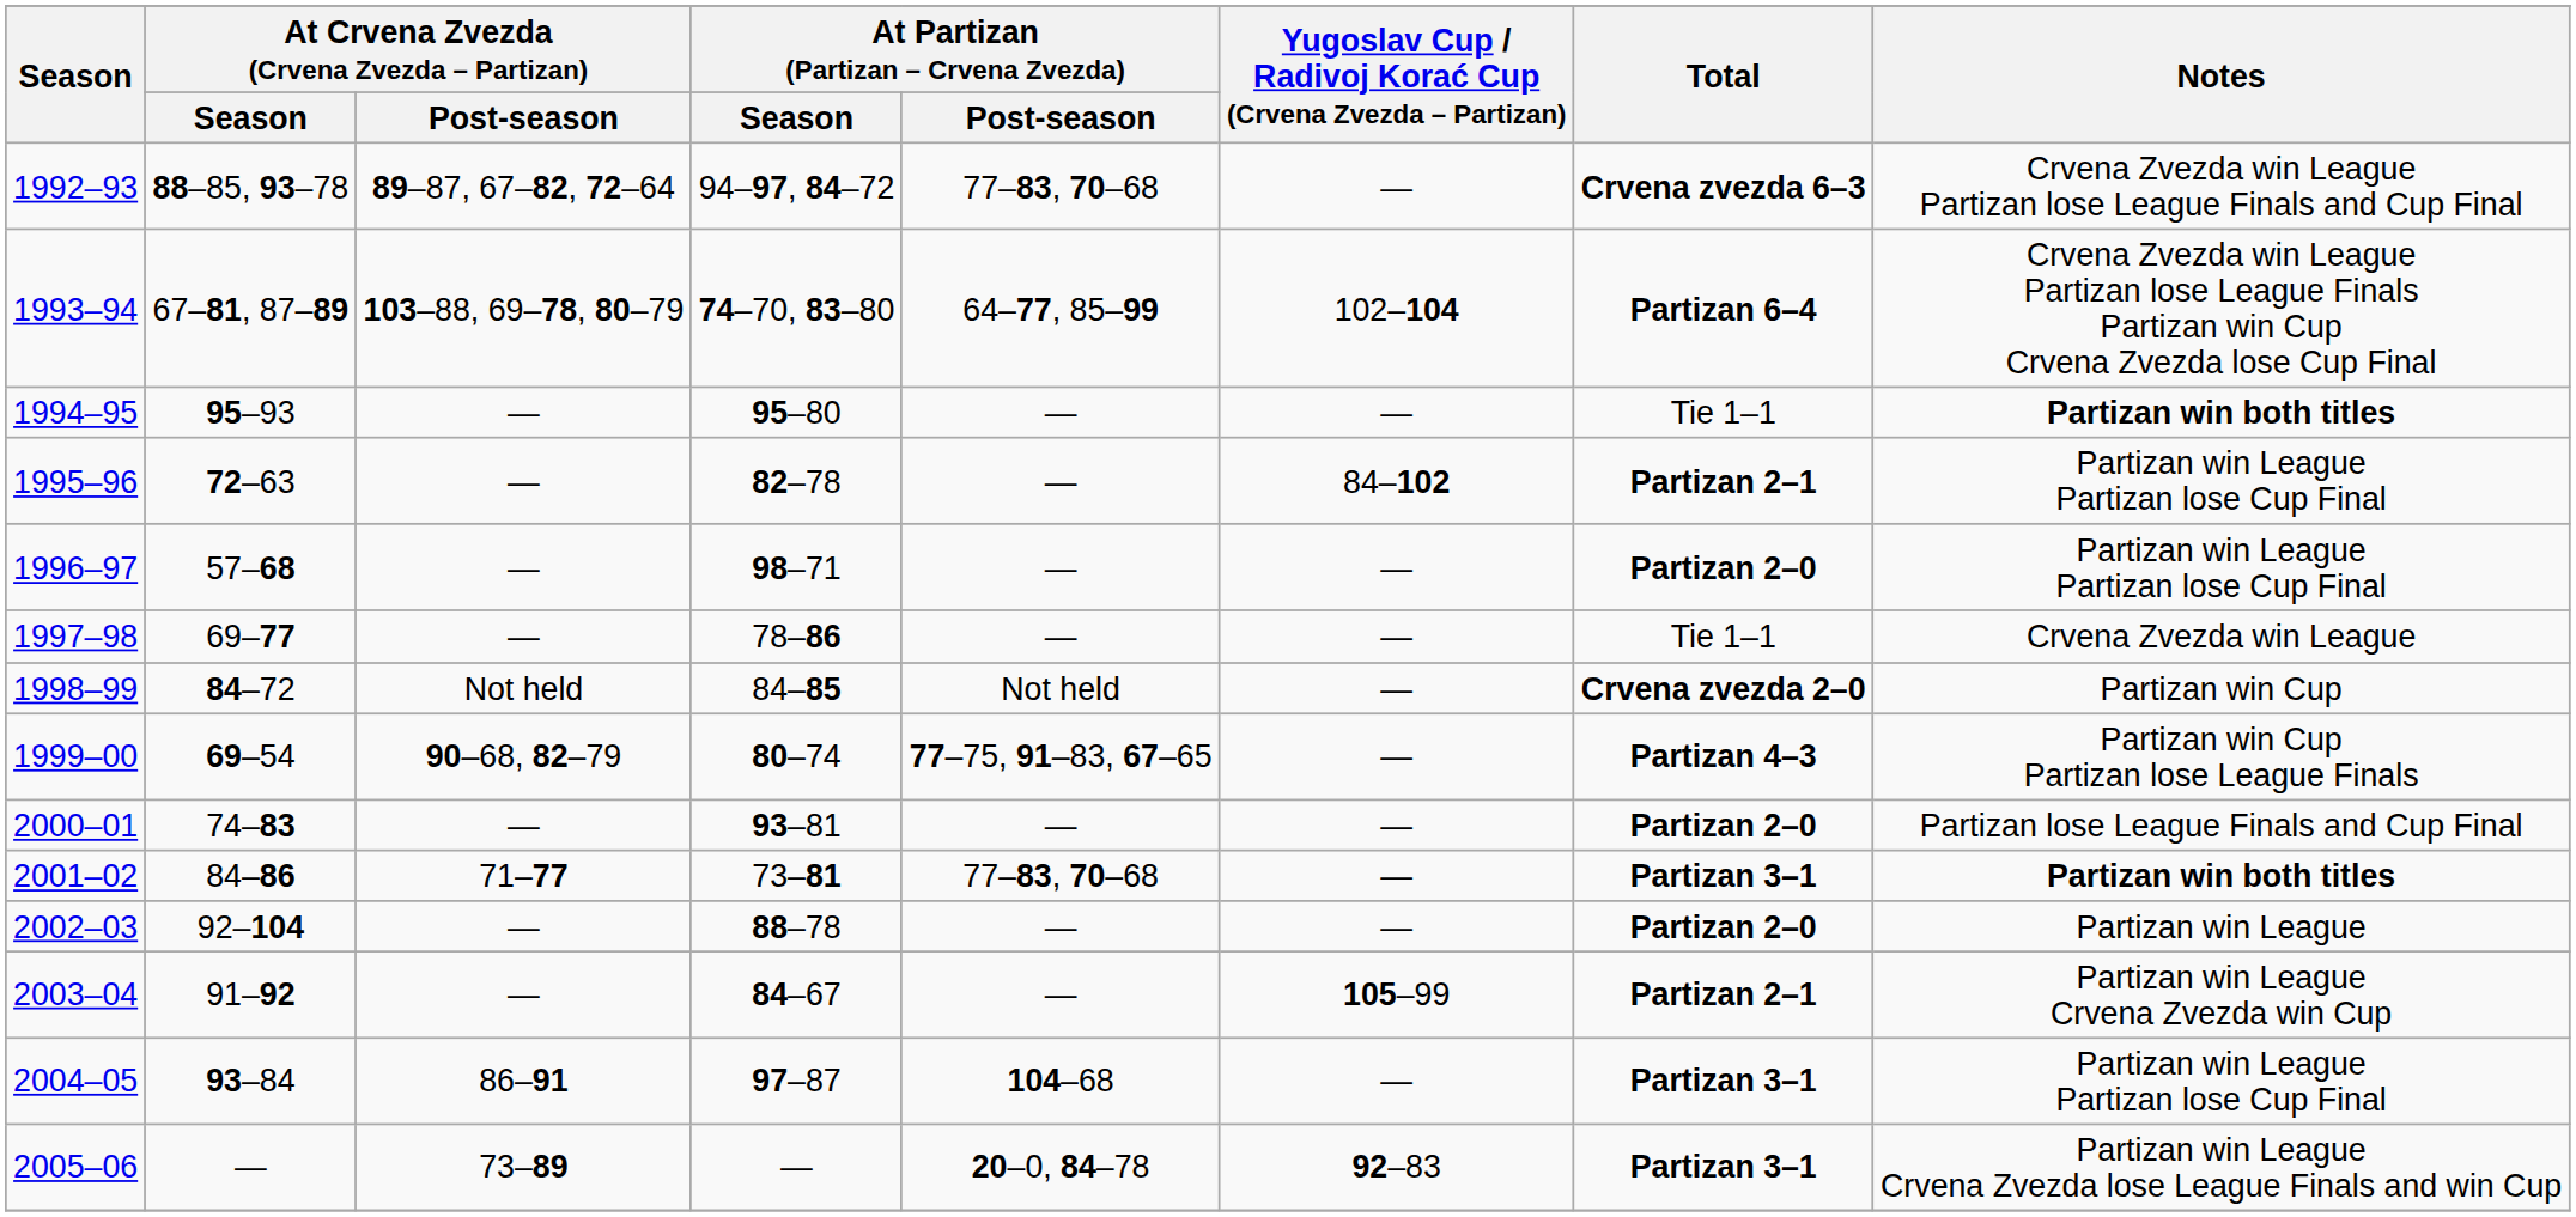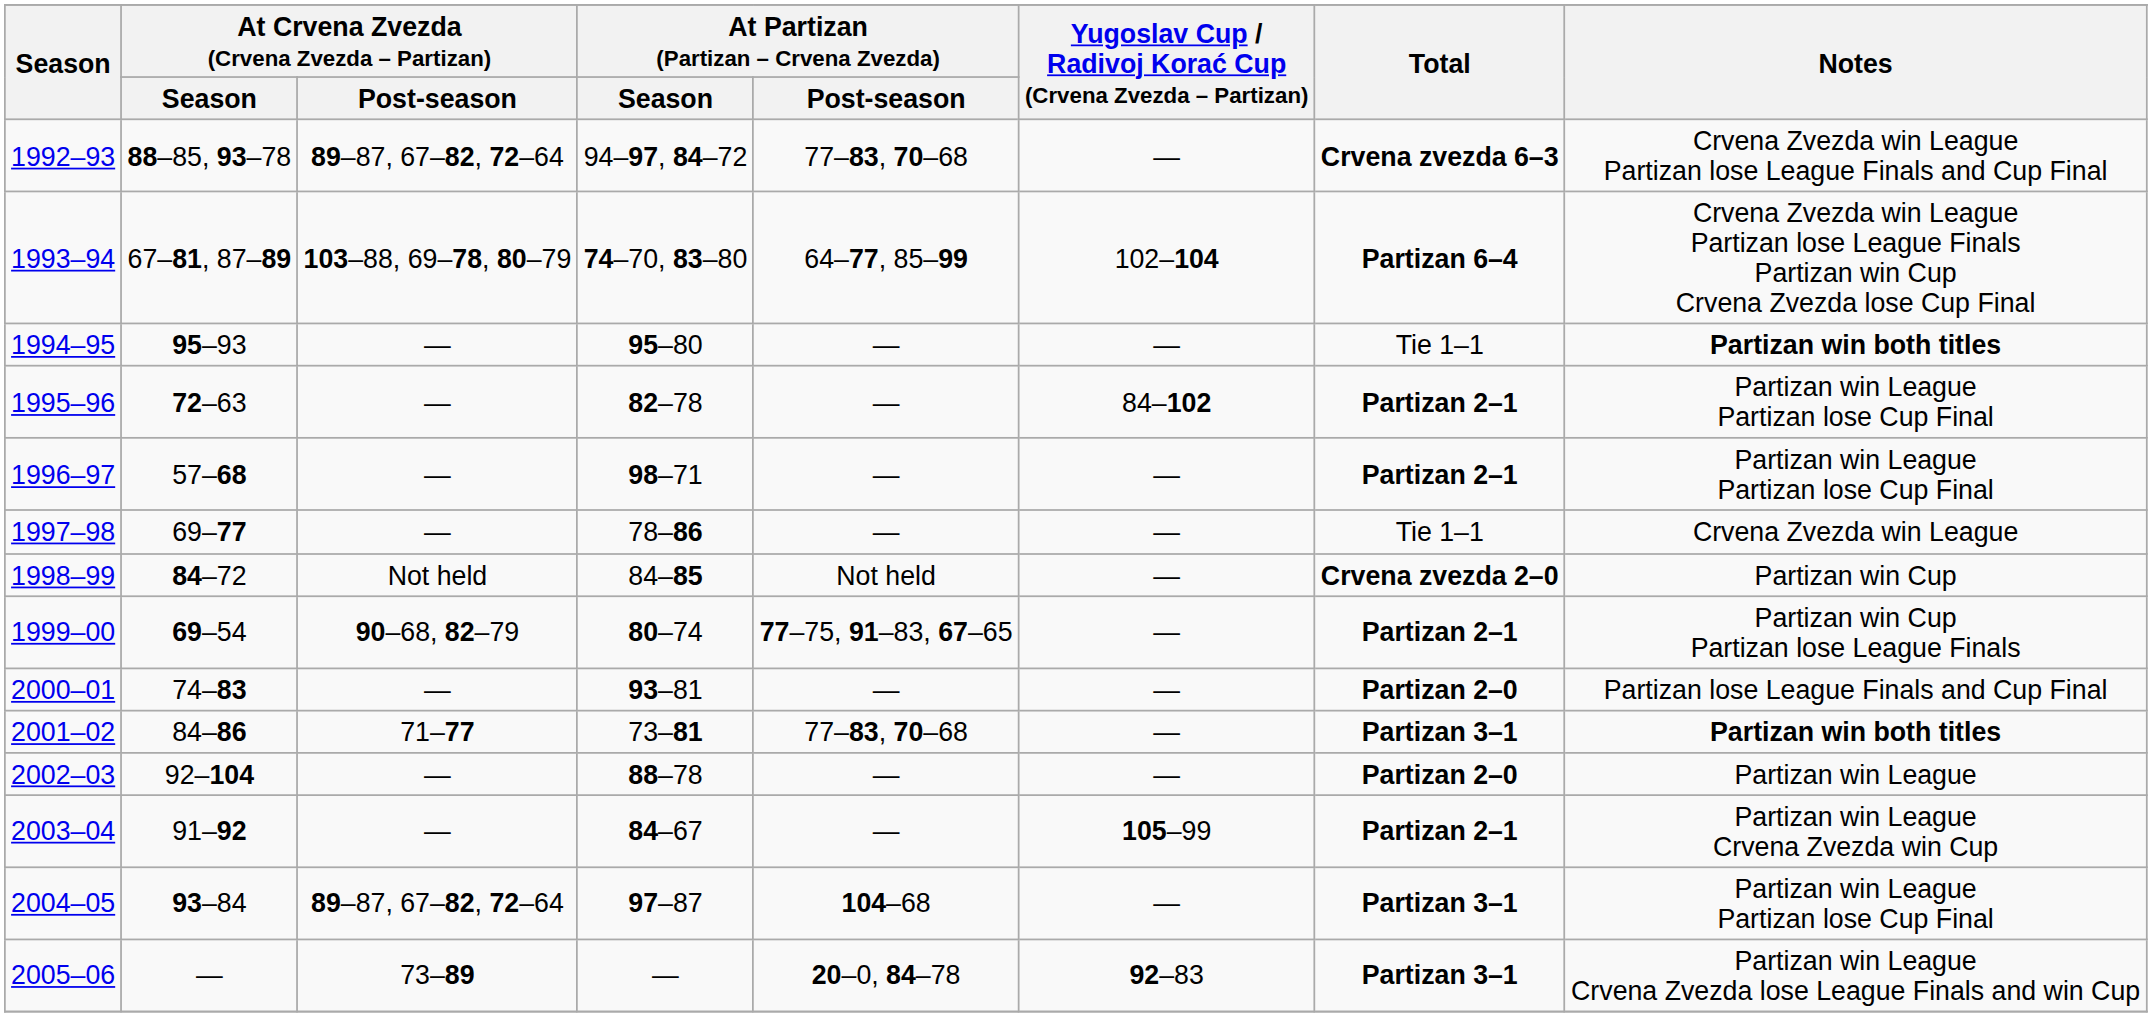 <table class="wikitable collapsible collapsed" style="text-align: center; font-size:95%">
 <tr>
 </tr>
 <tr>
 <th rowspan=2>Season</th>
 <th colspan=2>At Crvena Zvezda<br><small>(Crvena Zvezda – Partizan)</small></th>
 <th colspan=2>At Partizan<br><small>(Partizan – Crvena Zvezda)</small></th>
 <th rowspan=2><a href='#'>Yugoslav Cup</a> /<br> <a href='#'>Radivoj Korać Cup</a><br><small>(Crvena Zvezda – Partizan)</small></th>
 <th rowspan=2>Total</th>
 <th rowspan=2>Notes</th>
 </tr>
 <tr>
 <th>Season</th>
 <th>Post-season</th>
 <th>Season</th>
 <th>Post-season</th>
 </tr>
 <tr>
 <td><a href='#'>1992–93</a></td>
 <td><strong>88</strong>–85, <strong>93</strong>–78</td>
 <td><strong>89</strong>–87, 67–<strong>82</strong>, <strong>72</strong>–64</td>
 <td>94–<strong>97</strong>, <strong>84</strong>–72</td>
 <td>77–<strong>83</strong>, <strong>70</strong>–68</td>
 <td>—</td>
 <td><strong>Crvena zvezda 6–3</strong></td>
 <td>Crvena Zvezda win League<br>Partizan lose League Finals and Cup Final</td>
 </tr>
 <tr>
 <td><a href='#'>1993–94</a></td>
 <td>67–<strong>81</strong>, 87–<strong>89</strong></td>
 <td><strong>103</strong>–88, 69–<strong>78</strong>, <strong>80</strong>–79</td>
 <td><strong>74</strong>–70, <strong>83</strong>–80</td>
 <td>64–<strong>77</strong>, 85–<strong>99</strong></td>
 <td>102–<strong>104</strong></td>
 <td><strong>Partizan 6–4</strong></td>
 <td>Crvena Zvezda win League<br>Partizan lose League Finals<br>Partizan win Cup<br>Crvena Zvezda lose Cup Final</td>
 </tr>
 <tr>
 <td><a href='#'>1994–95</a></td>
 <td><strong>95</strong>–93</td>
 <td>—</td>
 <td><strong>95</strong>–80</td>
 <td>—</td>
 <td>—</td>
 <td>Tie 1–1</td>
 <td><strong>Partizan win both titles</strong></td>
 </tr>
 <tr>
 <td><a href='#'>1995–96</a></td>
 <td><strong>72</strong>–63</td>
 <td>—</td>
 <td><strong>82</strong>–78</td>
 <td>—</td>
 <td>84–<strong>102</strong></td>
 <td><strong>Partizan 2–1</strong></td>
 <td>Partizan win League<br>Partizan lose Cup Final</td>
 </tr>
 <tr>
 <td><a href='#'>1996–97</a></td>
 <td>57–<strong>68</strong></td>
 <td>—</td>
 <td><strong>98</strong>–71</td>
 <td>—</td>
 <td>—</td>
-<td><strong>Partizan 2–0</strong></td>
+<td><strong>Partizan 2–1</strong></td>
 <td>Partizan win League<br>Partizan lose Cup Final</td>
 </tr>
 <tr>
 <td><a href='#'>1997–98</a></td>
 <td>69–<strong>77</strong></td>
 <td>—</td>
 <td>78–<strong>86</strong></td>
 <td>—</td>
 <td>—</td>
 <td>Tie 1–1</td>
 <td>Crvena Zvezda win League</td>
 </tr>
 <tr>
 <td><a href='#'>1998–99</a></td>
 <td><strong>84</strong>–72</td>
 <td>Not held</td>
 <td>84–<strong>85</strong></td>
 <td>Not held</td>
 <td>—</td>
 <td><strong>Crvena zvezda 2–0</strong></td>
 <td>Partizan win Cup</td>
 </tr>
 <tr>
 <td><a href='#'>1999–00</a></td>
 <td><strong>69</strong>–54</td>
 <td><strong>90</strong>–68, <strong>82</strong>–79</td>
 <td><strong>80</strong>–74</td>
 <td><strong>77</strong>–75, <strong>91</strong>–83, <strong>67</strong>–65</td>
 <td>—</td>
-<td><strong>Partizan 4–3</strong></td>
+<td><strong>Partizan 2–1</strong></td>
 <td>Partizan win Cup<br>Partizan lose League Finals</td>
 </tr>
 <tr>
 <td><a href='#'>2000–01</a></td>
 <td>74–<strong>83</strong></td>
 <td>—</td>
 <td><strong>93</strong>–81</td>
 <td>—</td>
 <td>—</td>
 <td><strong>Partizan 2–0</strong></td>
 <td>Partizan lose League Finals and Cup Final</td>
 </tr>
 <tr>
 <td><a href='#'>2001–02</a></td>
 <td>84–<strong>86</strong></td>
 <td>71–<strong>77</strong></td>
 <td>73–<strong>81</strong></td>
 <td>77–<strong>83</strong>, <strong>70</strong>–68</td>
 <td>—</td>
 <td><strong>Partizan 3–1</strong></td>
 <td><strong>Partizan win both titles</strong></td>
 </tr>
 <tr>
 <td><a href='#'>2002–03</a></td>
 <td>92–<strong>104</strong></td>
 <td>—</td>
 <td><strong>88</strong>–78</td>
 <td>—</td>
 <td>—</td>
 <td><strong>Partizan 2–0</strong></td>
 <td>Partizan win League</td>
 </tr>
 <tr>
 <td><a href='#'>2003–04</a></td>
 <td>91–<strong>92</strong></td>
 <td>—</td>
 <td><strong>84</strong>–67</td>
 <td>—</td>
 <td><strong>105</strong>–99</td>
 <td><strong>Partizan 2–1</strong></td>
 <td>Partizan win League<br>Crvena Zvezda win Cup</td>
 </tr>
 <tr>
 <td><a href='#'>2004–05</a></td>
 <td><strong>93</strong>–84</td>
-<td>86–<strong>91</strong></td>
+<td><strong>89</strong>–87, 67–<strong>82</strong>, <strong>72</strong>–64</td>
 <td><strong>97</strong>–87</td>
 <td><strong>104</strong>–68</td>
 <td>—</td>
 <td><strong>Partizan 3–1</strong></td>
 <td>Partizan win League<br>Partizan lose Cup Final</td>
 </tr>
 <tr>
 <td><a href='#'>2005–06</a></td>
 <td>—</td>
 <td>73–<strong>89</strong></td>
 <td>—</td>
 <td><strong>20</strong>–0, <strong>84</strong>–78</td>
 <td><strong>92</strong>–83</td>
 <td><strong>Partizan 3–1</strong></td>
 <td>Partizan win League<br>Crvena Zvezda lose League Finals and win Cup</td>
 </tr>
 <tr>
 </tr>
 </table>
